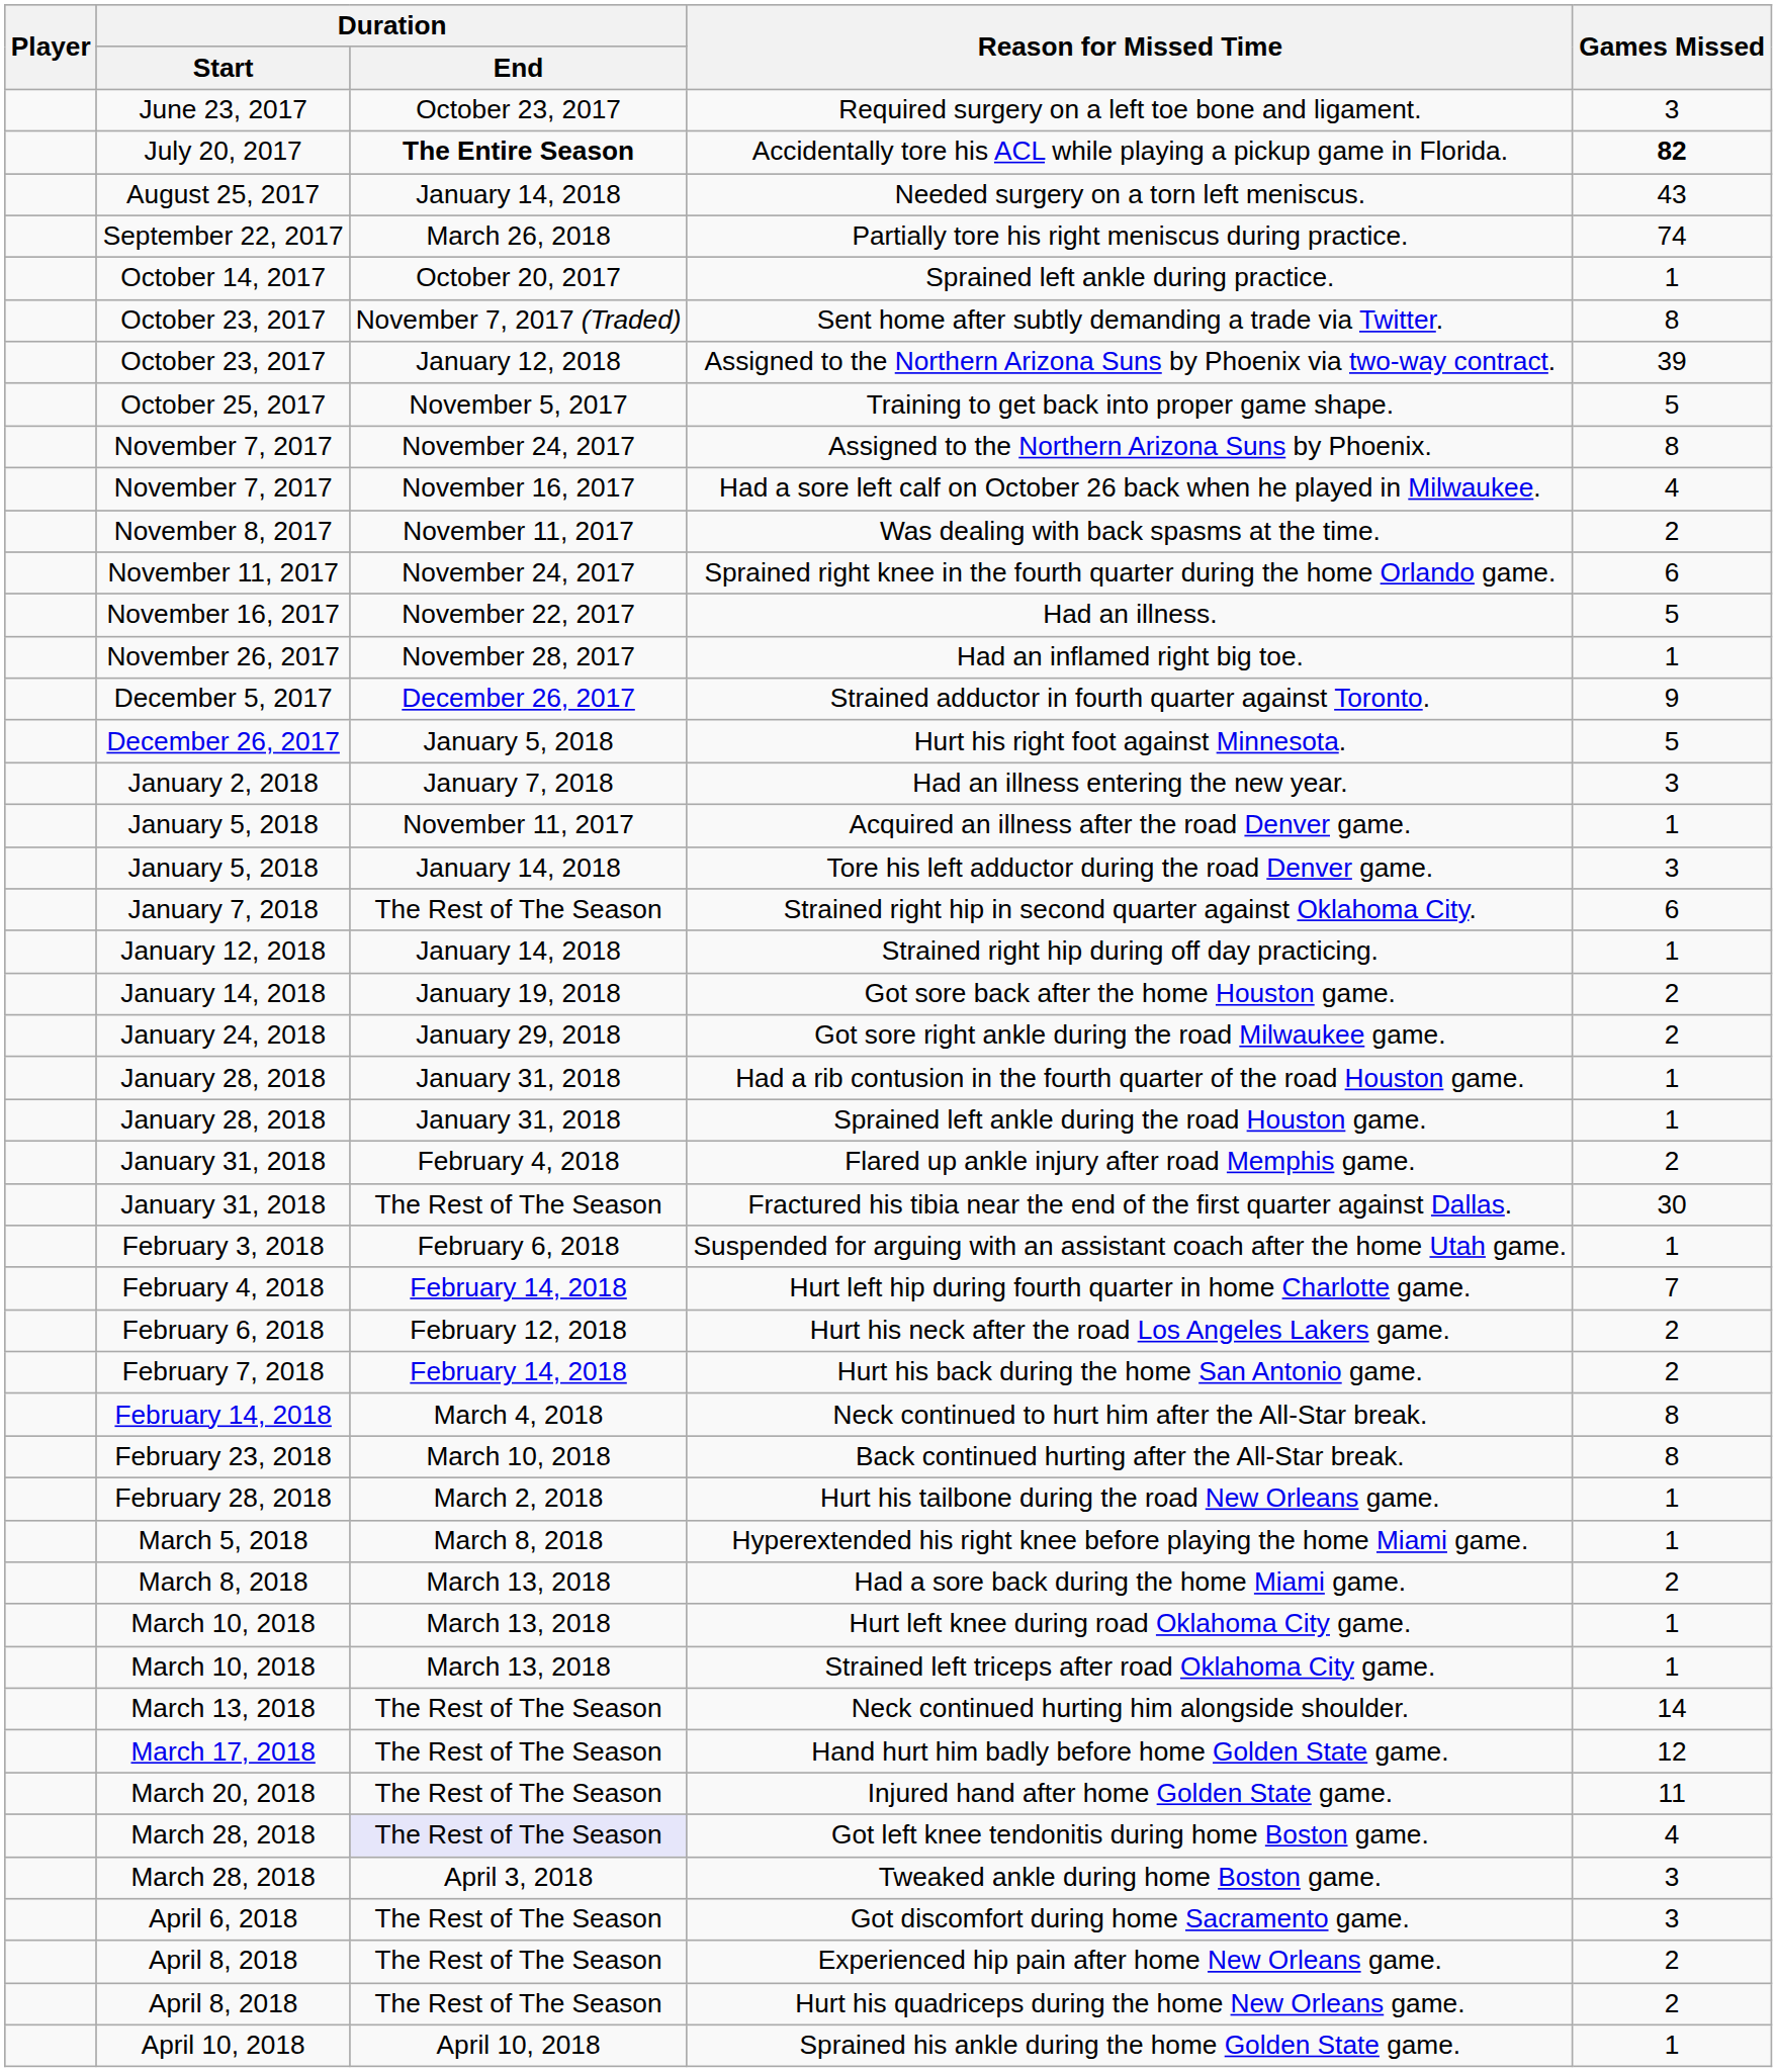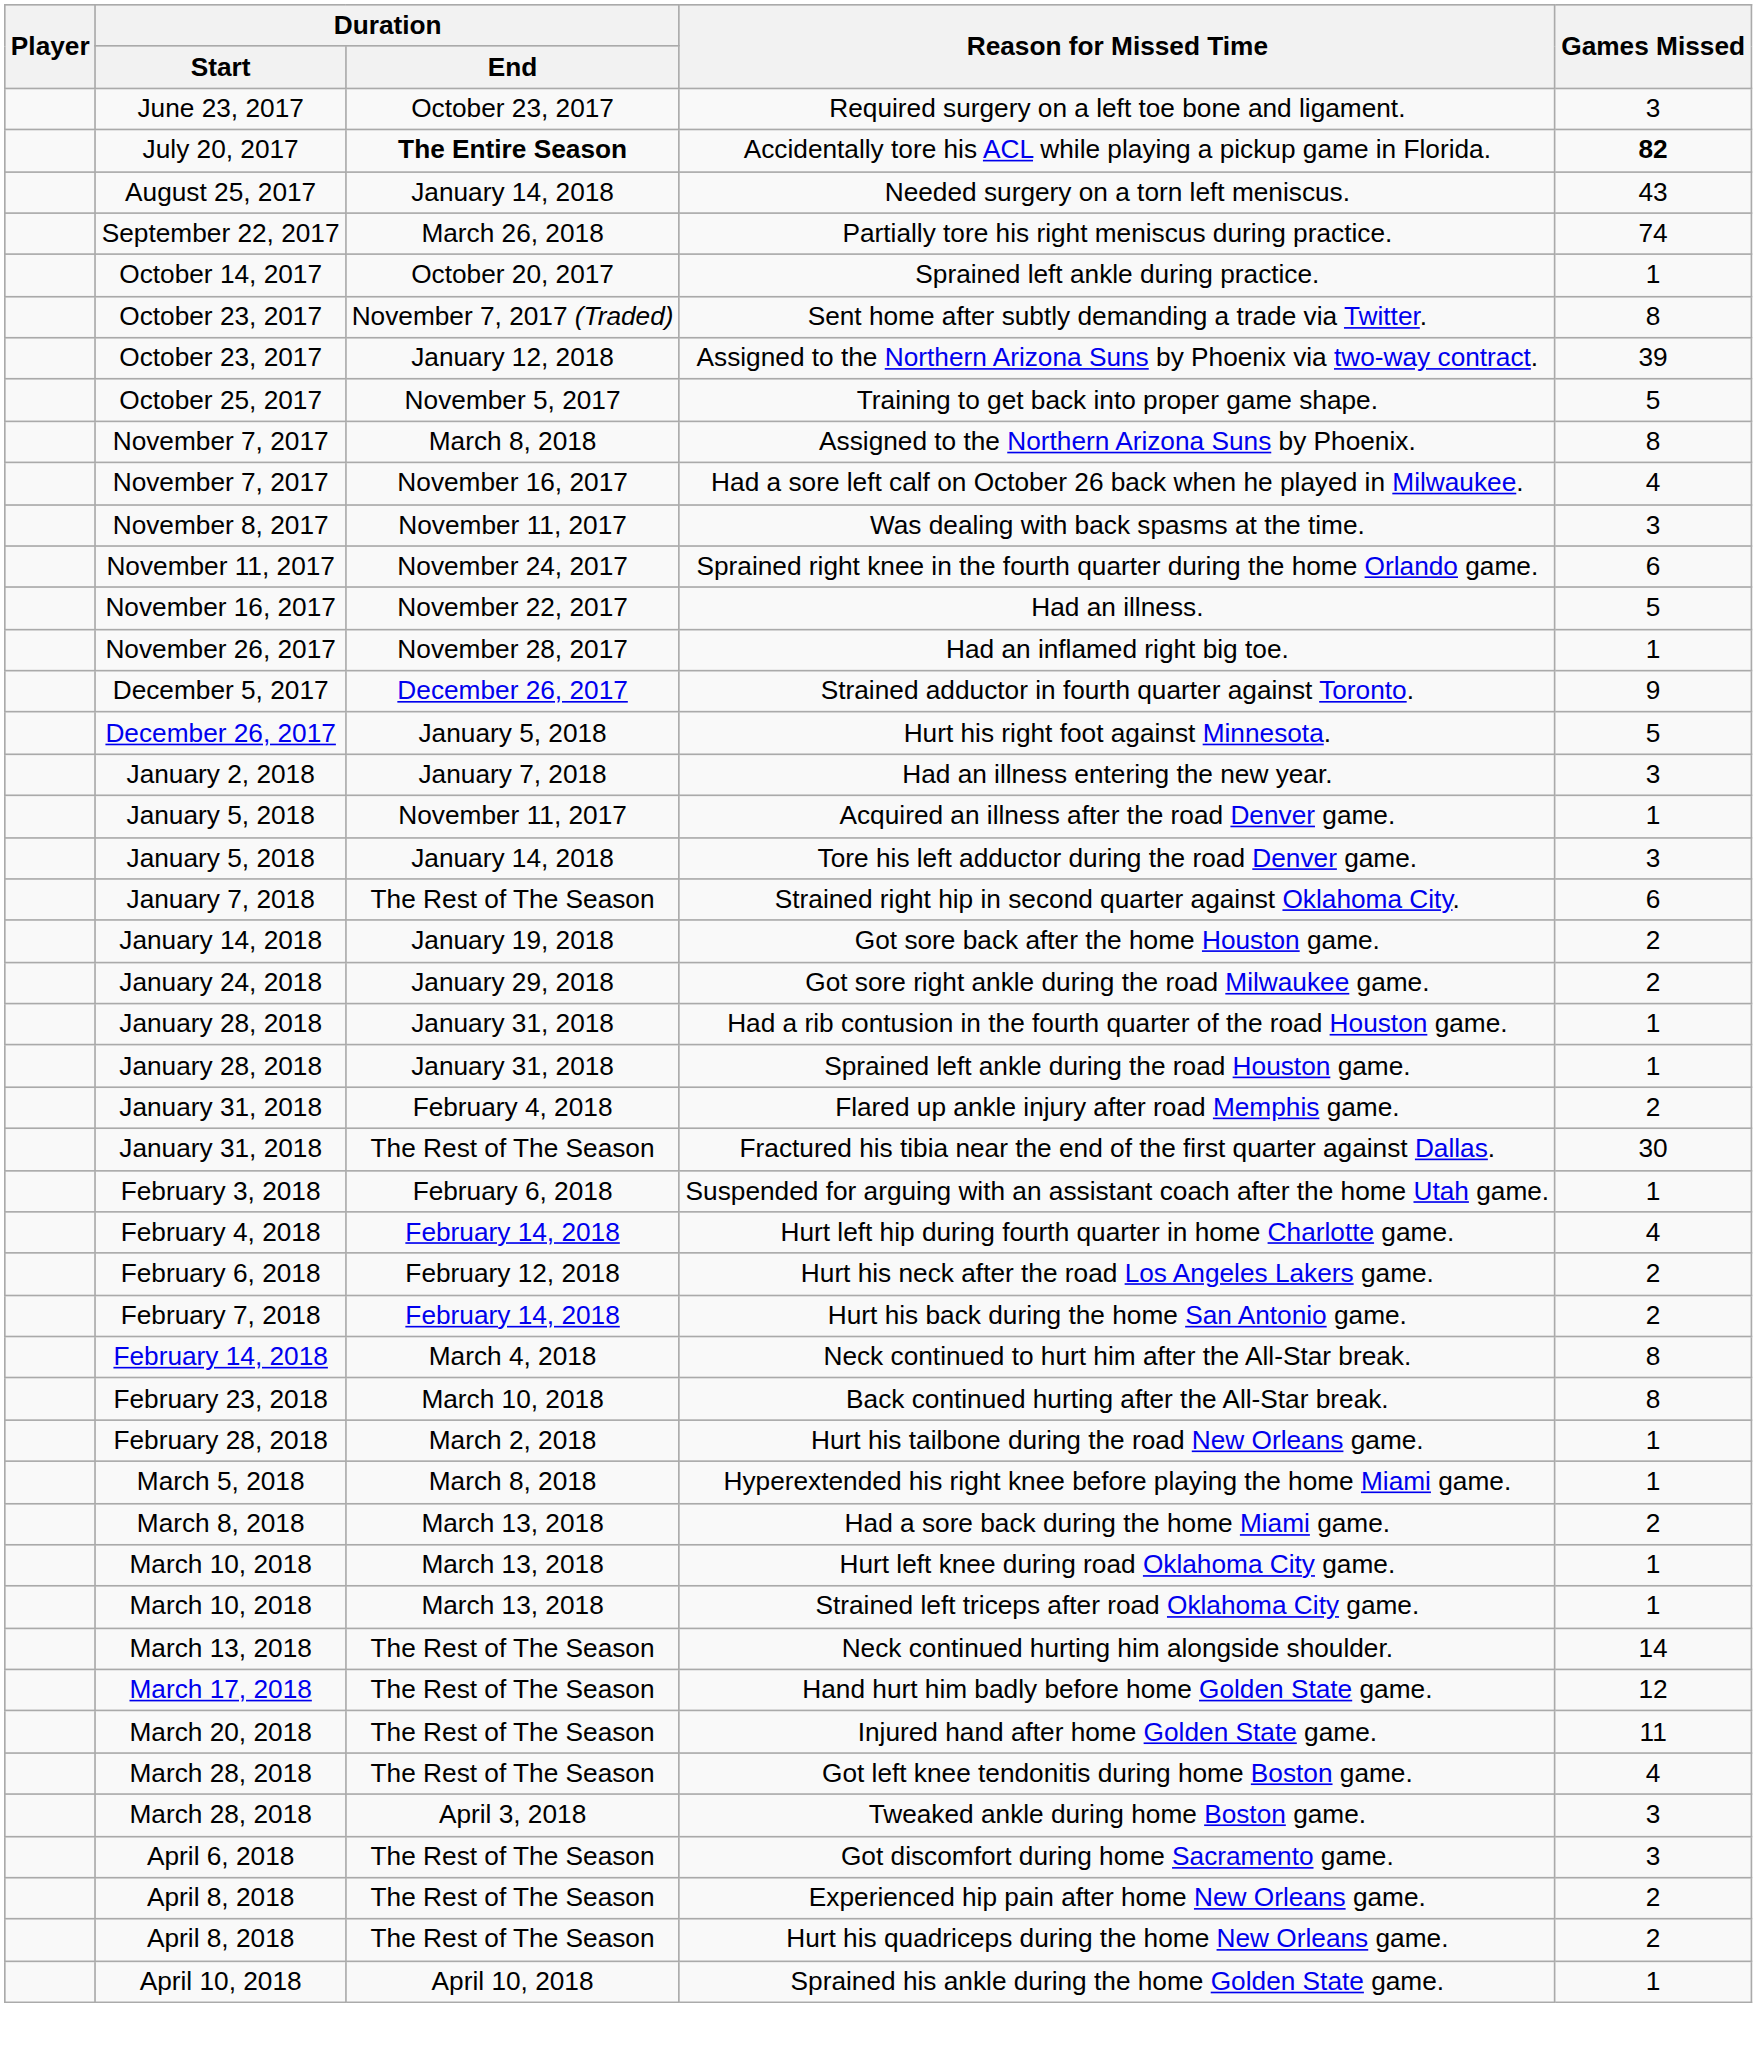 <table class="wikitable sortable collapsible" style="text-align:center;">
 <tr>
 <th rowspan="2">Player</th>
 <th colspan="2">Duration</th>
 <th rowspan="2">Reason for Missed Time</th>
 <th rowspan="2">Games Missed</th>
 </tr>
 <tr>
 <th>Start</th>
 <th>End</th>
 </tr>
 <tr>
 <td></td>
 <td>June 23, 2017</td>
 <td>October 23, 2017</td>
 <td>Required surgery on a left toe bone and ligament.</td>
 <td>3</td>
 </tr>
 <tr>
 <td></td>
 <td>July 20, 2017</td>
 <td><strong>The Entire Season</strong></td>
 <td>Accidentally tore his <a href='#'>ACL</a> while playing a pickup game in Florida.</td>
 <td><strong>82</strong></td>
 </tr>
 <tr>
 <td></td>
 <td>August 25, 2017</td>
 <td>January 14, 2018</td>
 <td>Needed surgery on a torn left meniscus.</td>
 <td>43</td>
 </tr>
 <tr>
 <td></td>
 <td>September 22, 2017</td>
 <td>March 26, 2018</td>
 <td>Partially tore his right meniscus during practice.</td>
 <td>74</td>
 </tr>
 <tr>
 <td></td>
 <td>October 14, 2017</td>
 <td>October 20, 2017</td>
 <td>Sprained left ankle during practice.</td>
 <td>1</td>
 </tr>
 <tr>
 <td></td>
 <td>October 23, 2017</td>
 <td>November 7, 2017 <em>(Traded)</em></td>
 <td>Sent home after subtly demanding a trade via <a href='#'>Twitter</a>.</td>
 <td>8</td>
 </tr>
 <tr>
 <td></td>
 <td>October 23, 2017</td>
 <td>January 12, 2018</td>
 <td>Assigned to the <a href='#'>Northern Arizona Suns</a> by Phoenix via <a href='#'>two-way contract</a>.</td>
 <td>39</td>
 </tr>
 <tr>
 <td></td>
 <td>October 25, 2017</td>
 <td>November 5, 2017</td>
 <td>Training to get back into proper game shape.</td>
 <td>5</td>
 </tr>
 <tr>
 <td></td>
 <td>November 7, 2017</td>
-<td>November 24, 2017</td>
+<td>March 8, 2018</td>
 <td>Assigned to the <a href='#'>Northern Arizona Suns</a> by Phoenix.</td>
 <td>8</td>
 </tr>
 <tr>
 <td></td>
 <td>November 7, 2017</td>
 <td>November 16, 2017</td>
 <td>Had a sore left calf on October 26 back when he played in <a href='#'>Milwaukee</a>.</td>
 <td>4</td>
 </tr>
 <tr>
 <td></td>
 <td>November 8, 2017</td>
 <td>November 11, 2017</td>
 <td>Was dealing with back spasms at the time.</td>
-<td>2</td>
+<td>3</td>
 </tr>
 <tr>
 <td></td>
 <td>November 11, 2017</td>
 <td>November 24, 2017</td>
 <td>Sprained right knee in the fourth quarter during the home <a href='#'>Orlando</a> game.</td>
 <td>6</td>
 </tr>
 <tr>
 <td></td>
 <td>November 16, 2017</td>
 <td>November 22, 2017</td>
 <td>Had an illness.</td>
 <td>5</td>
 </tr>
 <tr>
 <td></td>
 <td>November 26, 2017</td>
 <td>November 28, 2017</td>
 <td>Had an inflamed right big toe.</td>
 <td>1</td>
 </tr>
 <tr>
 <td></td>
 <td>December 5, 2017</td>
 <td><a href='#'>December 26, 2017</a></td>
 <td>Strained adductor in fourth quarter against <a href='#'>Toronto</a>.</td>
 <td>9</td>
 </tr>
 <tr>
 <td></td>
 <td><a href='#'>December 26, 2017</a></td>
 <td>January 5, 2018</td>
 <td>Hurt his right foot against <a href='#'>Minnesota</a>.</td>
 <td>5</td>
 </tr>
 <tr>
 <td></td>
 <td>January 2, 2018</td>
 <td>January 7, 2018</td>
 <td>Had an illness entering the new year.</td>
 <td>3</td>
 </tr>
 <tr>
 <td></td>
 <td>January 5, 2018</td>
 <td>November 11, 2017</td>
 <td>Acquired an illness after the road <a href='#'>Denver</a> game.</td>
 <td>1</td>
 </tr>
 <tr>
 <td></td>
 <td>January 5, 2018</td>
 <td>January 14, 2018</td>
 <td>Tore his left adductor during the road <a href='#'>Denver</a> game.</td>
 <td>3</td>
 </tr>
 <tr>
 <td></td>
 <td>January 7, 2018</td>
 <td>The Rest of The Season</td>
 <td>Strained right hip in second quarter against <a href='#'>Oklahoma City</a>.</td>
 <td>6</td>
 </tr>
 <tr>
 <td></td>
-<td>January 12, 2018</td>
-<td>January 14, 2018</td>
-<td>Strained right hip during off day practicing.</td>
-<td>1</td>
-</tr>
-<tr>
-<td></td>
 <td>January 14, 2018</td>
 <td>January 19, 2018</td>
 <td>Got sore back after the home <a href='#'>Houston</a> game.</td>
 <td>2</td>
 </tr>
 <tr>
 <td></td>
 <td>January 24, 2018</td>
 <td>January 29, 2018</td>
 <td>Got sore right ankle during the road <a href='#'>Milwaukee</a> game.</td>
 <td>2</td>
 </tr>
 <tr>
 <td></td>
 <td>January 28, 2018</td>
 <td>January 31, 2018</td>
 <td>Had a rib contusion in the fourth quarter of the road <a href='#'>Houston</a> game.</td>
 <td>1</td>
 </tr>
 <tr>
 <td></td>
 <td>January 28, 2018</td>
 <td>January 31, 2018</td>
 <td>Sprained left ankle during the road <a href='#'>Houston</a> game.</td>
 <td>1</td>
 </tr>
 <tr>
 <td></td>
 <td>January 31, 2018</td>
 <td>February 4, 2018</td>
 <td>Flared up ankle injury after road <a href='#'>Memphis</a> game.</td>
 <td>2</td>
 </tr>
 <tr>
 <td></td>
 <td>January 31, 2018</td>
 <td>The Rest of The Season</td>
 <td>Fractured his tibia near the end of the first quarter against <a href='#'>Dallas</a>.</td>
 <td>30</td>
 </tr>
 <tr>
 <td></td>
 <td>February 3, 2018</td>
 <td>February 6, 2018</td>
 <td>Suspended for arguing with an assistant coach after the home <a href='#'>Utah</a> game.</td>
 <td>1</td>
 </tr>
 <tr>
 <td></td>
 <td>February 4, 2018</td>
 <td><a href='#'>February 14, 2018</a></td>
 <td>Hurt left hip during fourth quarter in home <a href='#'>Charlotte</a> game.</td>
-<td>7</td>
+<td>4</td>
 </tr>
 <tr>
 <td></td>
 <td>February 6, 2018</td>
 <td>February 12, 2018</td>
 <td>Hurt his neck after the road <a href='#'>Los Angeles Lakers</a> game.</td>
 <td>2</td>
 </tr>
 <tr>
 <td></td>
 <td>February 7, 2018</td>
 <td><a href='#'>February 14, 2018</a></td>
 <td>Hurt his back during the home <a href='#'>San Antonio</a> game.</td>
 <td>2</td>
 </tr>
 <tr>
 <td></td>
 <td><a href='#'>February 14, 2018</a></td>
 <td>March 4, 2018</td>
 <td>Neck continued to hurt him after the All-Star break.</td>
 <td>8</td>
 </tr>
 <tr>
 <td></td>
 <td>February 23, 2018</td>
 <td>March 10, 2018</td>
 <td>Back continued hurting after the All-Star break.</td>
 <td>8</td>
 </tr>
 <tr>
 <td></td>
 <td>February 28, 2018</td>
 <td>March 2, 2018</td>
 <td>Hurt his tailbone during the road <a href='#'>New Orleans</a> game.</td>
 <td>1</td>
 </tr>
 <tr>
 <td></td>
 <td>March 5, 2018</td>
 <td>March 8, 2018</td>
 <td>Hyperextended his right knee before playing the home <a href='#'>Miami</a> game.</td>
 <td>1</td>
 </tr>
 <tr>
 <td></td>
 <td>March 8, 2018</td>
 <td>March 13, 2018</td>
 <td>Had a sore back during the home <a href='#'>Miami</a> game.</td>
 <td>2</td>
 </tr>
 <tr>
 <td></td>
 <td>March 10, 2018</td>
 <td>March 13, 2018</td>
 <td>Hurt left knee during road <a href='#'>Oklahoma City</a> game.</td>
 <td>1</td>
 </tr>
 <tr>
 <td></td>
 <td>March 10, 2018</td>
 <td>March 13, 2018</td>
 <td>Strained left triceps after road <a href='#'>Oklahoma City</a> game.</td>
 <td>1</td>
 </tr>
 <tr>
 <td></td>
 <td>March 13, 2018</td>
 <td>The Rest of The Season</td>
 <td>Neck continued hurting him alongside shoulder.</td>
 <td>14</td>
 </tr>
 <tr>
 <td></td>
 <td><a href='#'>March 17, 2018</a></td>
 <td>The Rest of The Season</td>
 <td>Hand hurt him badly before home <a href='#'>Golden State</a> game.</td>
 <td>12</td>
 </tr>
 <tr>
 <td></td>
 <td>March 20, 2018</td>
 <td>The Rest of The Season</td>
 <td>Injured hand after home <a href='#'>Golden State</a> game.</td>
 <td>11</td>
 </tr>
 <tr>
 <td></td>
 <td>March 28, 2018</td>
-<td style="background: lavender;">The Rest of The Season</td>
+<td>The Rest of The Season</td>
 <td>Got left knee tendonitis during home <a href='#'>Boston</a> game.</td>
 <td>4</td>
 </tr>
 <tr>
 <td></td>
 <td>March 28, 2018</td>
 <td>April 3, 2018</td>
 <td>Tweaked ankle during home <a href='#'>Boston</a> game.</td>
 <td>3</td>
 </tr>
 <tr>
 <td></td>
 <td>April 6, 2018</td>
 <td>The Rest of The Season</td>
 <td>Got discomfort during home <a href='#'>Sacramento</a> game.</td>
 <td>3</td>
 </tr>
 <tr>
 <td></td>
 <td>April 8, 2018</td>
 <td>The Rest of The Season</td>
 <td>Experienced hip pain after home <a href='#'>New Orleans</a> game.</td>
 <td>2</td>
 </tr>
 <tr>
 <td></td>
 <td>April 8, 2018</td>
 <td>The Rest of The Season</td>
 <td>Hurt his quadriceps during the home <a href='#'>New Orleans</a> game.</td>
 <td>2</td>
 </tr>
 <tr>
 <td></td>
 <td>April 10, 2018</td>
 <td>April 10, 2018</td>
 <td>Sprained his ankle during the home <a href='#'>Golden State</a> game.</td>
 <td>1</td>
 </tr>
 </table>
